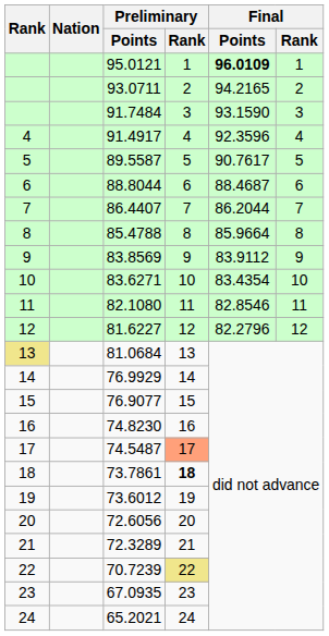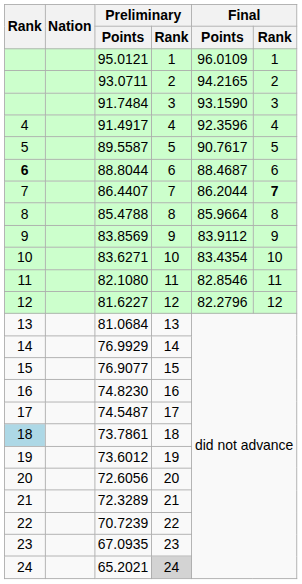 <table class="wikitable sortable" style="text-align:center">
 <tr>
 <th rowspan=2>Rank</th>
 <th rowspan=2>Nation</th>
 <th colspan=2>Preliminary</th>
 <th colspan=2>Final</th>
 </tr>
 <tr>
 <th>Points</th>
 <th>Rank</th>
 <th>Points</th>
 <th>Rank</th>
 </tr>
 <tr bgcolor=ccffcc>
 <td></td>
 <td align=left></td>
 <td>95.0121</td>
 <td>1</td>
-<td><strong>96.0109</strong></td>
+<td>96.0109</td>
 <td>1</td>
 </tr>
 <tr bgcolor=ccffcc>
 <td></td>
 <td align=left></td>
 <td>93.0711</td>
 <td>2</td>
 <td>94.2165</td>
 <td>2</td>
 </tr>
 <tr bgcolor=ccffcc>
 <td></td>
 <td align=left></td>
 <td>91.7484</td>
 <td>3</td>
 <td>93.1590</td>
 <td>3</td>
 </tr>
 <tr bgcolor=ccffcc>
 <td>4</td>
 <td align=left></td>
 <td>91.4917</td>
 <td>4</td>
 <td>92.3596</td>
 <td>4</td>
 </tr>
 <tr bgcolor=ccffcc>
 <td>5</td>
 <td align=left></td>
 <td>89.5587</td>
 <td>5</td>
 <td>90.7617</td>
 <td>5</td>
 </tr>
 <tr bgcolor=ccffcc>
-<td>6</td>
+<td><strong>6</strong></td>
 <td align=left></td>
 <td>88.8044</td>
 <td>6</td>
 <td>88.4687</td>
 <td>6</td>
 </tr>
 <tr bgcolor=ccffcc>
 <td>7</td>
 <td align=left></td>
 <td>86.4407</td>
 <td>7</td>
 <td>86.2044</td>
-<td>7</td>
+<td><strong>7</strong></td>
 </tr>
 <tr bgcolor=ccffcc>
 <td>8</td>
 <td align=left></td>
 <td>85.4788</td>
 <td>8</td>
 <td>85.9664</td>
 <td>8</td>
 </tr>
 <tr bgcolor=ccffcc>
 <td>9</td>
 <td align=left></td>
 <td>83.8569</td>
 <td>9</td>
 <td>83.9112</td>
 <td>9</td>
 </tr>
 <tr bgcolor=ccffcc>
 <td>10</td>
 <td align=left></td>
 <td>83.6271</td>
 <td>10</td>
 <td>83.4354</td>
 <td>10</td>
 </tr>
 <tr bgcolor=ccffcc>
 <td>11</td>
 <td align=left></td>
 <td>82.1080</td>
 <td>11</td>
 <td>82.8546</td>
 <td>11</td>
 </tr>
 <tr bgcolor=ccffcc>
 <td>12</td>
 <td align=left></td>
 <td>81.6227</td>
 <td>12</td>
 <td>82.2796</td>
 <td>12</td>
 </tr>
 <tr>
-<td style="background: khaki;">13</td>
+<td>13</td>
 <td align=left></td>
 <td>81.0684</td>
 <td>13</td>
 <td rowspan=12 colspan=2>did not advance</td>
 </tr>
 <tr>
 <td>14</td>
 <td align=left></td>
 <td>76.9929</td>
 <td>14</td>
 </tr>
 <tr>
 <td>15</td>
 <td align=left></td>
 <td>76.9077</td>
 <td>15</td>
 </tr>
 <tr>
 <td>16</td>
 <td align=left></td>
 <td>74.8230</td>
 <td>16</td>
 </tr>
 <tr>
 <td>17</td>
 <td align=left></td>
 <td>74.5487</td>
-<td style="background: lightsalmon;">17</td>
+<td>17</td>
 </tr>
 <tr>
-<td>18</td>
+<td style="background: lightblue;">18</td>
 <td align=left></td>
 <td>73.7861</td>
-<td><strong>18</strong></td>
+<td>18</td>
 </tr>
 <tr>
 <td>19</td>
 <td align=left></td>
 <td>73.6012</td>
 <td>19</td>
 </tr>
 <tr>
 <td>20</td>
 <td align=left></td>
 <td>72.6056</td>
 <td>20</td>
 </tr>
 <tr>
 <td>21</td>
 <td align=left></td>
 <td>72.3289</td>
 <td>21</td>
 </tr>
 <tr>
 <td>22</td>
 <td align=left></td>
 <td>70.7239</td>
-<td style="background: khaki;">22</td>
+<td>22</td>
 </tr>
 <tr>
 <td>23</td>
 <td align=left></td>
 <td>67.0935</td>
 <td>23</td>
 </tr>
 <tr>
 <td>24</td>
 <td align=left></td>
 <td>65.2021</td>
-<td>24</td>
+<td style="background: lightgrey;">24</td>
 </tr>
 </table>
